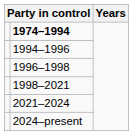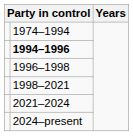 <table class="wikitable">
 <tr>
 <th colspan=2>Party in control</th>
 <th>Years</th>
 </tr>
 <tr>
 <td></td>
-<td><strong>1974–1994</strong></td>
+<td>1974–1994</td>
 </tr>
 <tr>
 <td></td>
-<td>1994–1996</td>
+<td><strong>1994–1996</strong></td>
 </tr>
 <tr>
 <td></td>
 <td>1996–1998</td>
 </tr>
 <tr>
 <td></td>
 <td>1998–2021</td>
 </tr>
 <tr>
 <td></td>
 <td>2021–2024</td>
 </tr>
 <tr>
 <td></td>
 <td>2024–present</td>
 </tr>
 </table>
